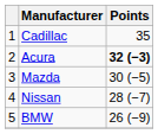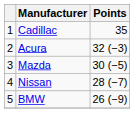 <table class="wikitable" style="font-size: 95%;">
 <tr>
 <th scope="col"></th>
 <th scope="col">Manufacturer</th>
 <th scope="col">Points</th>
 </tr>
 <tr>
 <td align=center>1</td>
 <td> <a href='#'>Cadillac</a></td>
 <td align=right>35</td>
 </tr>
 <tr>
 <td align=center>2</td>
 <td> <a href='#'>Acura</a></td>
-<td align=right><strong>32 (−3)</strong></td>
+<td align=right>32 (−3)</td>
 </tr>
 <tr>
 <td align=center>3</td>
 <td> <a href='#'>Mazda</a></td>
 <td align=right>30 (−5)</td>
 </tr>
 <tr>
 <td align=center>4</td>
 <td> <a href='#'>Nissan</a></td>
 <td align=right>28 (−7)</td>
 </tr>
 <tr>
 <td align=center>5</td>
 <td> <a href='#'>BMW</a></td>
 <td align=right>26 (−9)</td>
 </tr>
 <tr>
 </tr>
 </table>
